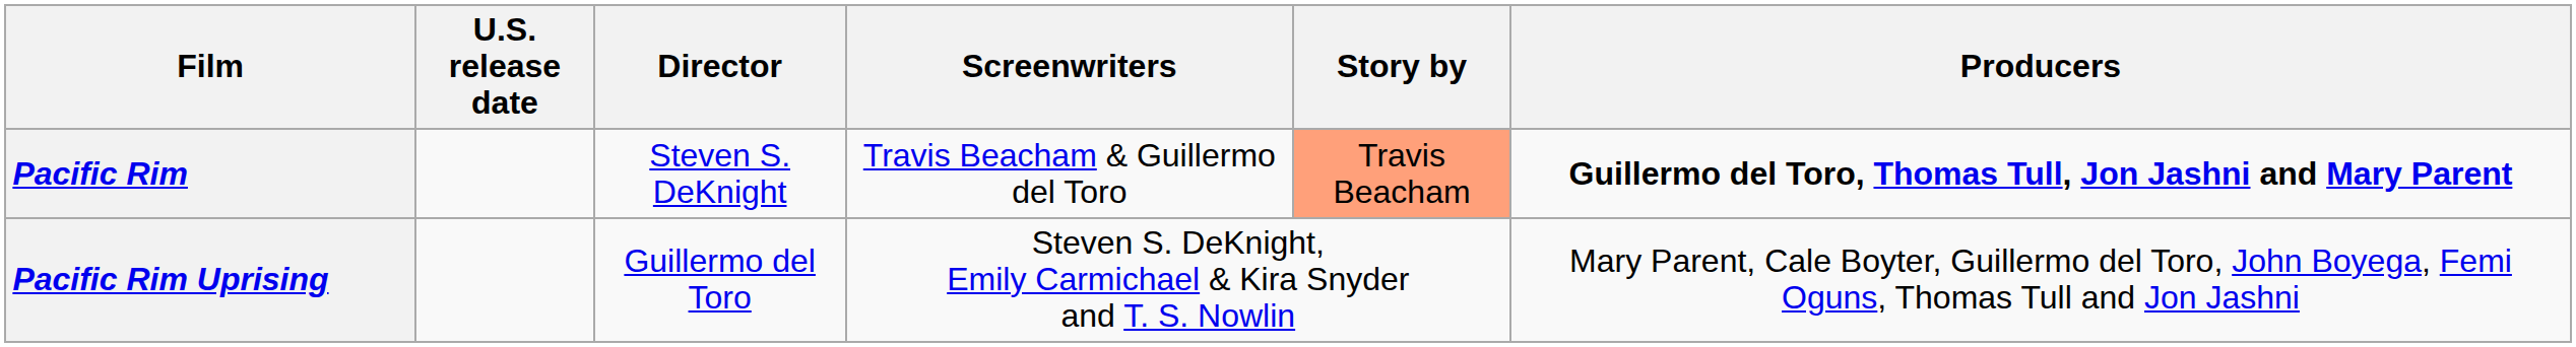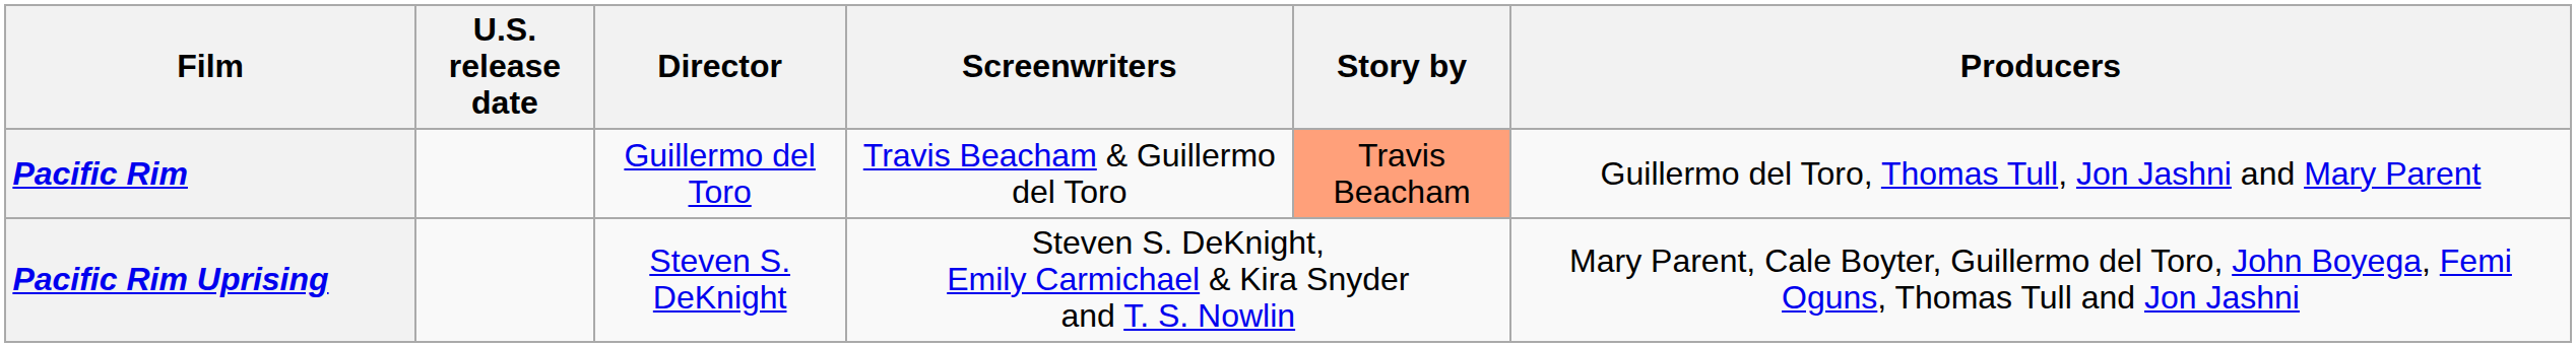 <table class="wikitable plainrowheaders" style="text-align:center" width=100%>
 <tr>
 <th scope="col" style="width:16%;">Film</th>
 <th scope="col">U.S.<br>release date</th>
 <th scope="col">Director</th>
 <th scope="col">Screenwriters</th>
 <th scope="col">Story by</th>
 <th scope="col">Producers</th>
 </tr>
 <tr>
 <th scope="row" style="text-align:left"><em><a href='#'>Pacific Rim</a></em></th>
 <td style="text-align:center"></td>
-<td><a href='#'>Steven S. DeKnight</a></td>
+<td><a href='#'>Guillermo del Toro</a></td>
 <td><a href='#'>Travis Beacham</a> & Guillermo del Toro</td>
 <td style="background: lightsalmon;">Travis Beacham</td>
-<td><strong>Guillermo del Toro, <a href='#'>Thomas Tull</a>, <a href='#'>Jon Jashni</a> and <a href='#'>Mary Parent</a></strong></td>
+<td>Guillermo del Toro, <a href='#'>Thomas Tull</a>, <a href='#'>Jon Jashni</a> and <a href='#'>Mary Parent</a></td>
 </tr>
 <tr>
 <th scope="row" style="text-align:left"><em><a href='#'>Pacific Rim Uprising</a></em></th>
 <td style="text-align:center"></td>
-<td><a href='#'>Guillermo del Toro</a></td>
+<td><a href='#'>Steven S. DeKnight</a></td>
 <td colspan="2">Steven S. DeKnight, <br><a href='#'>Emily Carmichael</a> & Kira Snyder <br>and <a href='#'>T. S. Nowlin</a></td>
 <td>Mary Parent, Cale Boyter, Guillermo del Toro, <a href='#'>John Boyega</a>, <a href='#'>Femi Oguns</a>, Thomas Tull and <a href='#'>Jon Jashni</a></td>
 </tr>
 </table>
